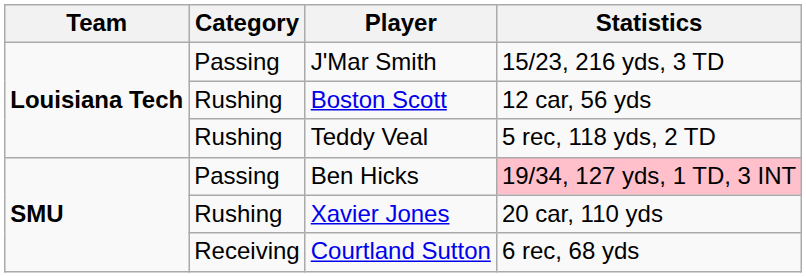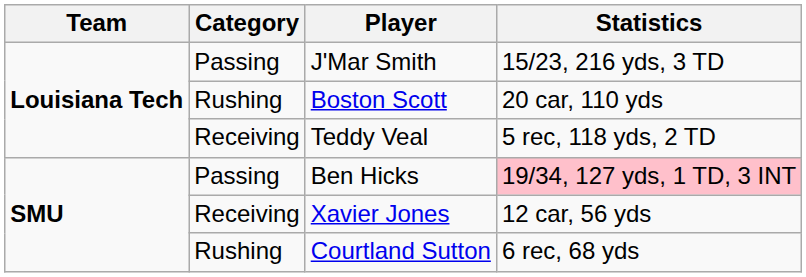 <table class="wikitable">
 <tr>
 <th>Team</th>
 <th>Category</th>
 <th>Player</th>
 <th>Statistics</th>
 </tr>
 <tr>
 <td rowspan=3><strong>Louisiana Tech</strong></td>
 <td>Passing</td>
 <td>J'Mar Smith</td>
 <td>15/23, 216 yds, 3 TD</td>
 </tr>
 <tr>
 <td>Rushing</td>
 <td><a href='#'>Boston Scott</a></td>
-<td>12 car, 56 yds</td>
+<td>20 car, 110 yds</td>
 </tr>
 <tr>
-<td>Rushing</td>
+<td>Receiving</td>
 <td>Teddy Veal</td>
 <td>5 rec, 118 yds, 2 TD</td>
 </tr>
 <tr>
 <td rowspan=3><strong>SMU</strong></td>
 <td>Passing</td>
 <td>Ben Hicks</td>
 <td style="background: pink;">19/34, 127 yds, 1 TD, 3 INT</td>
 </tr>
 <tr>
-<td>Rushing</td>
+<td>Receiving</td>
 <td><a href='#'>Xavier Jones</a></td>
-<td>20 car, 110 yds</td>
+<td>12 car, 56 yds</td>
 </tr>
 <tr>
-<td>Receiving</td>
+<td>Rushing</td>
 <td><a href='#'>Courtland Sutton</a></td>
 <td>6 rec, 68 yds</td>
 </tr>
 </table>
